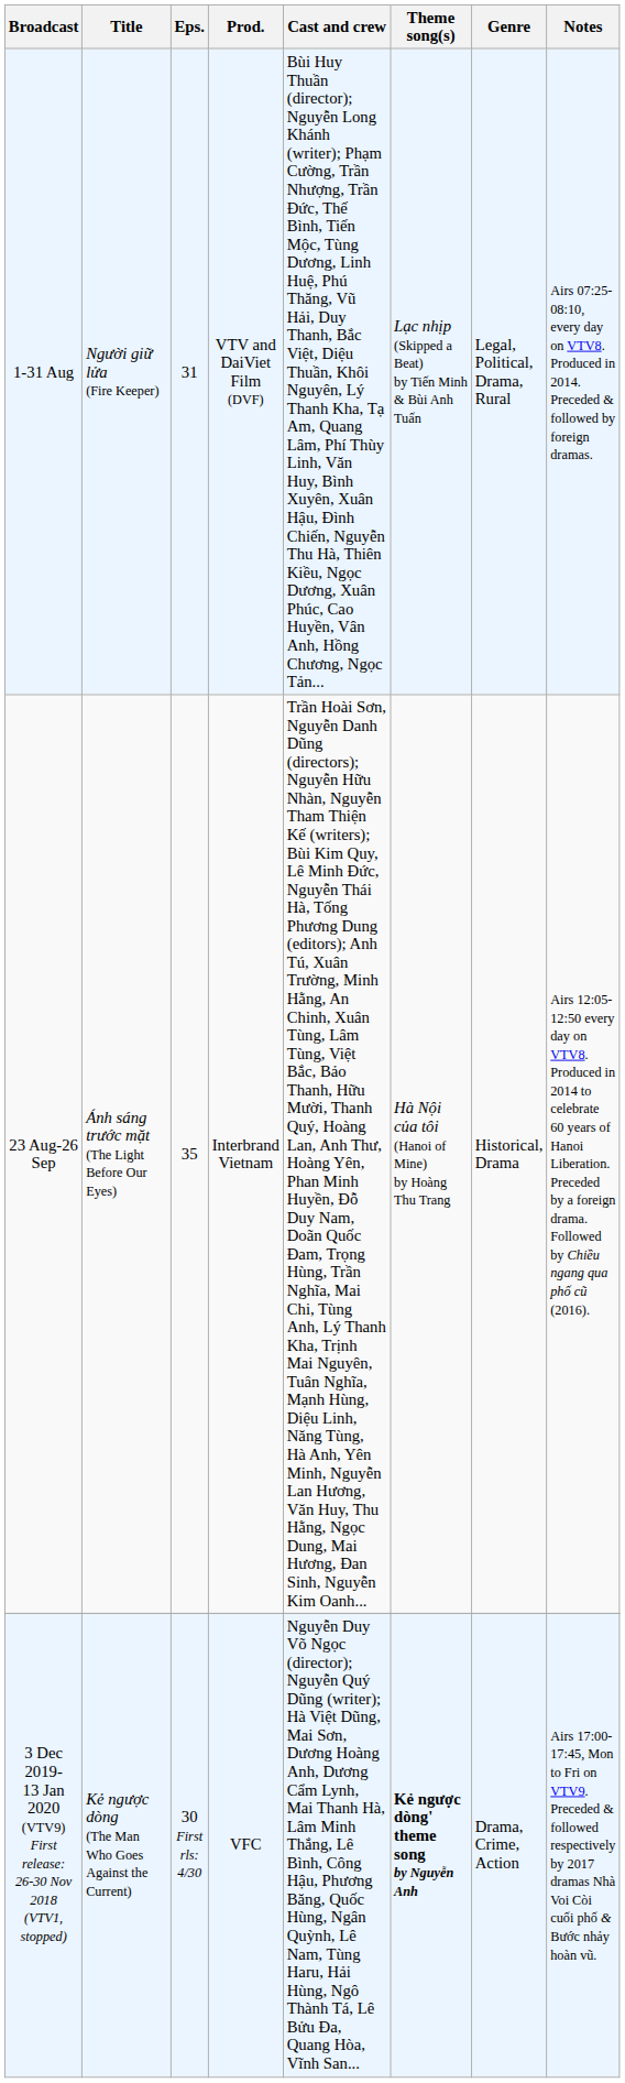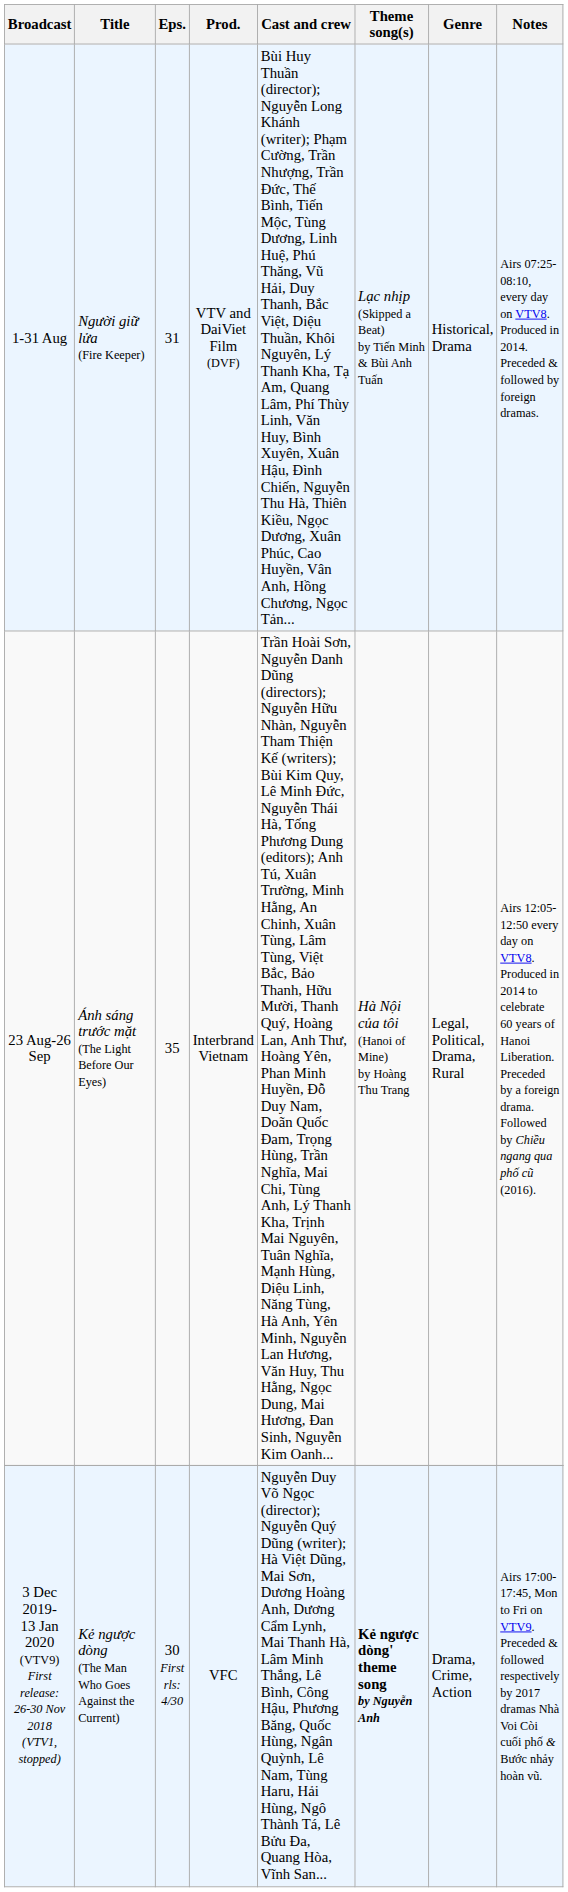 <table class="wikitable sortable">
 <tr>
 <th style="width:10%;">Broadcast</th>
 <th style="width:24%;">Title</th>
 <th style="width:6%;">Eps.</th>
 <th style="width:5%;">Prod.</th>
 <th style="width:25%;">Cast and crew</th>
 <th style="width:20%;">Theme song(s)</th>
 <th style="width:5%;">Genre</th>
 <th style="width:5%;">Notes</th>
 </tr>
 <tr ---- bgcolor="#ebf5ff">
 <td style="text-align:center;">1-31 Aug <br></td>
 <td><em>Người giữ lửa</em> <br><small>(Fire Keeper)</small></td>
 <td style="text-align:center;">31</td>
 <td style="text-align:center;">VTV and <br>DaiViet <br>Film <small>(DVF)</small></td>
 <td>Bùi Huy Thuần (director); Nguyễn Long Khánh (writer); Phạm Cường, Trần Nhượng, Trần Đức, Thế Bình, Tiến Mộc, Tùng Dương, Linh Huệ, Phú Thăng, Vũ Hải, Duy Thanh, Bắc Việt, Diệu Thuần, Khôi Nguyên, Lý Thanh Kha, Tạ Am, Quang Lâm, Phí Thùy Linh, Văn Huy, Bình Xuyên, Xuân Hậu, Đình Chiến, Nguyễn Thu Hà, Thiên Kiều, Ngọc Dương, Xuân Phúc, Cao Huyền, Vân Anh, Hồng Chương, Ngọc Tản...</td>
 <td><em>Lạc nhịp</em> <br><small>(Skipped a Beat)</small><br><small>by Tiến Minh & Bùi Anh Tuấn</small><br></td>
-<td>Legal, Political, Drama, Rural</td>
+<td>Historical, Drama</td>
 <td><small>Airs 07:25-08:10, every day on <a href='#'>VTV8</a>.<br>Produced in 2014.<br>Preceded & followed by foreign dramas.</small></td>
 </tr>
 <tr>
 <td style="text-align:center;">23 Aug-26 Sep <br></td>
 <td><em>Ánh sáng trước mặt</em> <br><small>(The Light Before Our Eyes)</small></td>
 <td style="text-align:center;">35</td>
 <td style="text-align:center;">Interbrand Vietnam</td>
 <td>Trần Hoài Sơn, Nguyễn Danh Dũng (directors); Nguyễn Hữu Nhàn, Nguyễn Tham Thiện Kế (writers); Bùi Kim Quy, Lê Minh Đức, Nguyễn Thái Hà, Tống Phương Dung (editors); Anh Tú, Xuân Trường, Minh Hằng, An Chinh, Xuân Tùng, Lâm Tùng, Việt Bắc, Bảo Thanh, Hữu Mười, Thanh Quý, Hoàng Lan, Anh Thư, Hoàng Yên, Phan Minh Huyền, Đỗ Duy Nam, Doãn Quốc Đam, Trọng Hùng, Trần Nghĩa, Mai Chi, Tùng Anh, Lý Thanh Kha, Trịnh Mai Nguyên, Tuân Nghĩa, Mạnh Hùng, Diệu Linh, Năng Tùng, Hà Anh, Yên Minh, Nguyễn Lan Hương, Văn Huy, Thu Hằng, Ngọc Dung, Mai Hương, Đan Sinh, Nguyễn Kim Oanh...</td>
 <td><em>Hà Nội của tôi</em> <br><small>(Hanoi of Mine)</small><br><small>by Hoàng Thu Trang</small><br></td>
-<td>Historical, Drama</td>
+<td>Legal, Political, Drama, Rural</td>
 <td><small>Airs 12:05-12:50 every day on <a href='#'>VTV8</a>.<br>Produced in 2014 to celebrate 60 years of Hanoi Liberation.<br>Preceded by a foreign drama. Followed by <em>Chiều ngang qua phố cũ</em> (2016).</small></td>
 </tr>
 <tr>
 </tr>
 <tr ---- bgcolor="#ebf5ff">
 <td style="text-align:center;">3 Dec 2019-<br>13 Jan 2020<br><small>(VTV9)</small><br><small><em>First release:<br>26-30 Nov 2018<br>(VTV1, stopped)</em></small> <br></td>
 <td><em>Kẻ ngược dòng</em> <br><small>(The Man Who Goes Against the Current)</small></td>
 <td style="text-align:center;">30<br><small><em>First rls:<br>4/30</em></small></td>
 <td style="text-align:center;">VFC</td>
 <td>Nguyễn Duy Võ Ngọc (director); Nguyễn Quý Dũng (writer); Hà Việt Dũng, Mai Sơn, Dương Hoàng Anh, Dương Cẩm Lynh, Mai Thanh Hà, Lâm Minh Thắng, Lê Bình, Công Hậu, Phương Băng, Quốc Hùng, Ngân Quỳnh, Lê Nam, Tùng Haru, Hải Hùng, Ngô Thành Tá, Lê Bửu Đa, Quang Hòa, Vĩnh San...</td>
 <td><strong>Kẻ ngược dòng' theme song<em><br><small>by Nguyễn Anh</small><br></td>
 <td>Drama, Crime, Action</td>
 <td><small>Airs 17:00-17:45, Mon to Fri on <a href='#'>VTV9</a>.<br>Preceded & followed respectively by 2017 dramas </em>Nhà Voi Còi cuối phố<em> & </em>Bước nhảy hoàn vũ<em>.</small></td>
 </tr>
 </table>
